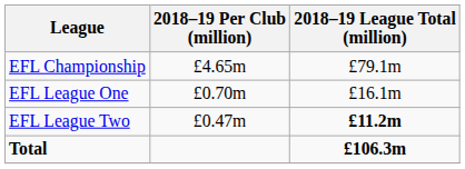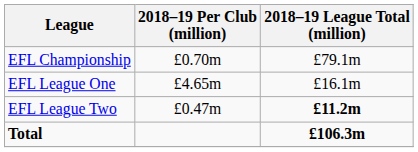 <table class="wikitable" border="1">
 <tr>
 <th>League</th>
 <th>2018–19 Per Club <br>(million)</th>
 <th>2018–19 League Total <br>(million)</th>
 </tr>
 <tr>
 <td><a href='#'>EFL Championship</a></td>
-<td style="text-align:center">£4.65m</td>
+<td style="text-align:center">£0.70m</td>
 <td style="text-align:center">£79.1m</td>
 </tr>
 <tr>
 <td><a href='#'>EFL League One</a></td>
-<td style="text-align:center">£0.70m</td>
+<td style="text-align:center">£4.65m</td>
 <td style="text-align:center">£16.1m</td>
 </tr>
 <tr>
 <td><a href='#'>EFL League Two</a></td>
 <td style="text-align:center">£0.47m</td>
 <td style="text-align:center"><strong>£11.2m</strong></td>
 </tr>
 <tr>
 <td><strong>Total</strong></td>
 <td></td>
 <td style="text-align:center"><strong>£106.3m</strong></td>
 </tr>
 <tr>
 </tr>
 </table>
